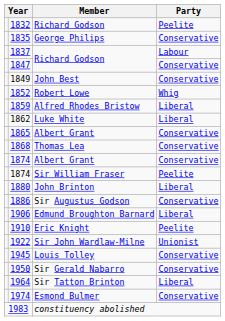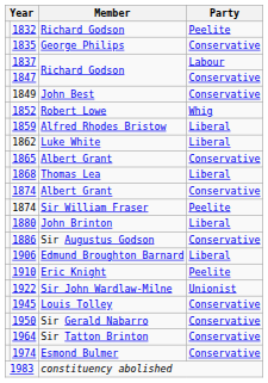 <table class="wikitable">
 <tr>
 <th colspan="2">Year</th>
 <th>Member</th>
 <th>Party</th>
 </tr>
 <tr>
 <td style="color:inherit;background-color: "></td>
 <td><a href='#'>1832</a></td>
 <td><a href='#'>Richard Godson</a> 	</td>
 <td><a href='#'>Peelite</a></td>
 </tr>
 <tr>
 <td style="color:inherit;background-color: "></td>
 <td><a href='#'>1835</a></td>
 <td><a href='#'>George Philips</a> 	</td>
 <td><a href='#'>Conservative</a></td>
 </tr>
 <tr>
 <td style="color:inherit;background-color: "></td>
 <td><a href='#'>1837</a></td>
 <td rowspan=2><a href='#'>Richard Godson</a> 	</td>
 <td><a href='#'>Labour</a></td>
 </tr>
 <tr>
 <td style="color:inherit;background-color: "></td>
 <td><a href='#'>1847</a></td>
 <td><a href='#'>Conservative</a></td>
 </tr>
 <tr>
 <td style="color:inherit;background-color: "></td>
 <td>1849</td>
 <td><a href='#'>John Best</a> 	</td>
 <td><a href='#'>Conservative</a></td>
 </tr>
 <tr>
 <td style="color:inherit;background-color: "></td>
 <td><a href='#'>1852</a></td>
 <td><a href='#'>Robert Lowe</a> 	</td>
 <td><a href='#'>Whig</a></td>
 </tr>
 <tr>
 <td style="color:inherit;background-color: "></td>
 <td><a href='#'>1859</a></td>
 <td><a href='#'>Alfred Rhodes Bristow</a> 	</td>
 <td><a href='#'>Liberal</a></td>
 </tr>
 <tr>
 <td style="color:inherit;background-color: "></td>
 <td>1862</td>
 <td><a href='#'>Luke White</a> 	</td>
 <td><a href='#'>Liberal</a></td>
 </tr>
 <tr>
 <td style="color:inherit;background-color: "></td>
 <td><a href='#'>1865</a></td>
 <td><a href='#'>Albert Grant</a> 	</td>
 <td><a href='#'>Conservative</a></td>
 </tr>
 <tr>
 <td style="color:inherit;background-color: "></td>
 <td><a href='#'>1868</a></td>
 <td><a href='#'>Thomas Lea</a> 	</td>
-<td><a href='#'>Conservative</a></td>
+<td><a href='#'>Liberal</a></td>
 </tr>
 <tr>
 <td style="color:inherit;background-color: "></td>
 <td><a href='#'>1874</a></td>
 <td><a href='#'>Albert Grant</a>  	</td>
 <td><a href='#'>Conservative</a></td>
 </tr>
 <tr>
 <td style="color:inherit;background-color: "></td>
 <td>1874</td>
 <td><a href='#'>Sir William Fraser</a>	</td>
 <td><a href='#'>Peelite</a></td>
 </tr>
 <tr>
 <td style="color:inherit;background-color: "></td>
 <td><a href='#'>1880</a></td>
 <td><a href='#'>John Brinton</a> 	</td>
 <td><a href='#'>Liberal</a></td>
 </tr>
 <tr>
 <td style="color:inherit;background-color: "></td>
 <td><a href='#'>1886</a></td>
 <td>Sir <a href='#'>Augustus Godson</a> 	</td>
 <td><a href='#'>Conservative</a></td>
 </tr>
 <tr>
 <td style="color:inherit;background-color: "></td>
 <td><a href='#'>1906</a></td>
 <td><a href='#'>Edmund Broughton Barnard</a> 	</td>
 <td><a href='#'>Liberal</a></td>
 </tr>
 <tr>
 <td style="color:inherit;background-color: "></td>
 <td><a href='#'>1910</a></td>
 <td><a href='#'>Eric Knight</a></td>
 <td><a href='#'>Peelite</a></td>
 </tr>
 <tr>
 <td style="color:inherit;background-color: "></td>
 <td><a href='#'>1922</a></td>
 <td><a href='#'>Sir John Wardlaw-Milne</a></td>
 <td><a href='#'>Unionist</a></td>
 </tr>
 <tr>
 <td style="color:inherit;background-color: "></td>
 <td><a href='#'>1945</a></td>
 <td><a href='#'>Louis Tolley</a></td>
 <td><a href='#'>Conservative</a></td>
 </tr>
 <tr>
 <td style="color:inherit;background-color: "></td>
 <td><a href='#'>1950</a></td>
 <td>Sir <a href='#'>Gerald Nabarro</a></td>
 <td><a href='#'>Conservative</a></td>
 </tr>
 <tr>
 <td style="color:inherit;background-color: "></td>
 <td><a href='#'>1964</a></td>
 <td>Sir <a href='#'>Tatton Brinton</a></td>
-<td><a href='#'>Liberal</a></td>
+<td><a href='#'>Conservative</a></td>
 </tr>
 <tr>
 <td style="color:inherit;background-color: "></td>
 <td><a href='#'>1974</a></td>
 <td><a href='#'>Esmond Bulmer</a></td>
 <td><a href='#'>Conservative</a></td>
 </tr>
 <tr>
 <td colspan="2" align="center"><a href='#'>1983</a></td>
 <td colspan="2"><em>constituency abolished</em></td>
 </tr>
 </table>
